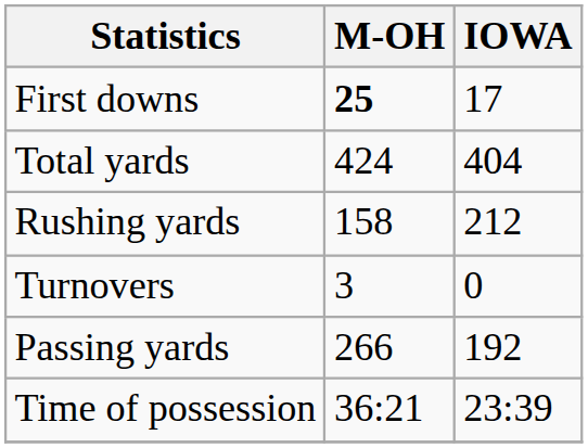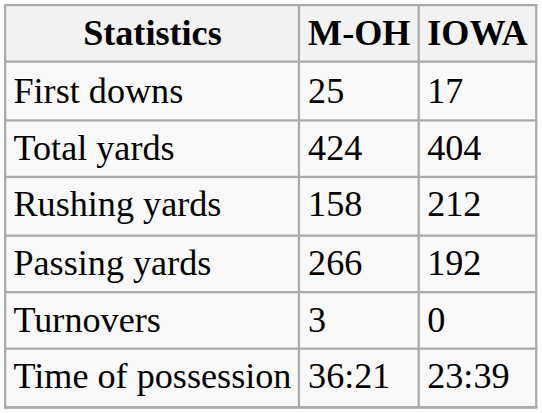 <table class="wikitable">
 <tr>
 <th>Statistics</th>
 <th>M-OH</th>
 <th>IOWA</th>
 </tr>
 <tr>
 <td>First downs</td>
-<td><strong>25</strong></td>
+<td>25</td>
 <td>17</td>
 </tr>
 <tr>
 <td>Total yards</td>
 <td>424</td>
 <td>404</td>
 </tr>
 <tr>
 <td>Rushing yards</td>
 <td>158</td>
 <td>212</td>
 </tr>
 <tr>
+<td>Passing yards</td>
+<td>266</td>
+<td>192</td>
+</tr>
+<tr>
 <td>Turnovers</td>
 <td>3</td>
 <td>0</td>
-</tr>
-<tr>
-<td>Passing yards</td>
-<td>266</td>
-<td>192</td>
 </tr>
 <tr>
 <td>Time of possession</td>
 <td>36:21</td>
 <td>23:39</td>
 </tr>
 <tr>
 </tr>
 </table>
